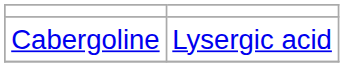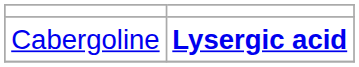 <table align="center"  class="wikitable" style="background-color:white;">
 <tr>
 <td></td>
 <td valign="top"></td>
 </tr>
 <tr>
 <td><a href='#'>Cabergoline</a></td>
-<td><a href='#'>Lysergic acid</a></td>
+<td><strong><a href='#'>Lysergic acid</a></strong></td>
 </tr>
 <tr>
 </tr>
 </table>
